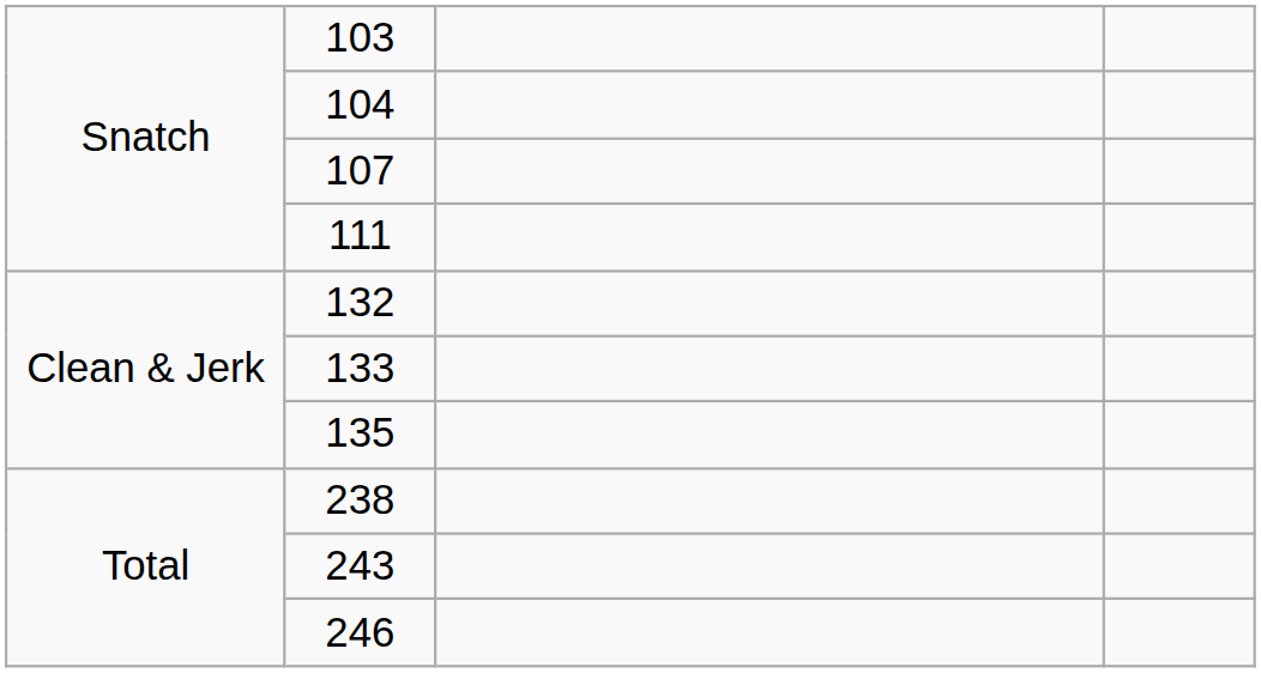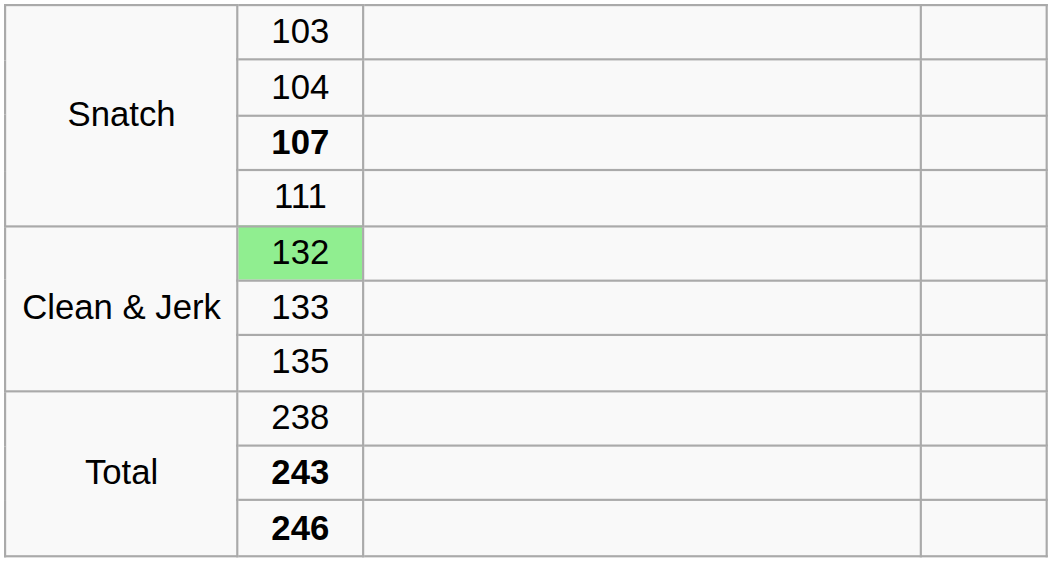 <table class = "wikitable" style="text-align:center;">
 <tr>
 <td rowspan=4 width=100>Snatch</td>
 <td width=50>103</td>
 <td width=250 align=left></td>
 <td width=50></td>
 </tr>
 <tr>
 <td>104</td>
 <td align=left></td>
 <td></td>
 </tr>
 <tr>
-<td>107</td>
+<td><strong>107</strong></td>
 <td align=left></td>
 <td></td>
 </tr>
 <tr>
 <td>111</td>
 <td align=left></td>
 <td></td>
 </tr>
 <tr>
 <td rowspan=3>Clean & Jerk</td>
-<td>132</td>
+<td style="background: lightgreen;">132</td>
 <td align=left></td>
 <td></td>
 </tr>
 <tr>
 <td>133</td>
 <td align=left></td>
 <td></td>
 </tr>
 <tr>
 <td>135</td>
 <td align=left></td>
 <td></td>
 </tr>
 <tr>
 <td rowspan=3>Total</td>
 <td>238</td>
 <td align=left></td>
 <td></td>
 </tr>
 <tr>
-<td>243</td>
+<td><strong>243</strong></td>
 <td align=left></td>
 <td></td>
 </tr>
 <tr>
-<td>246</td>
+<td><strong>246</strong></td>
 <td align=left></td>
 <td></td>
 </tr>
 </table>
